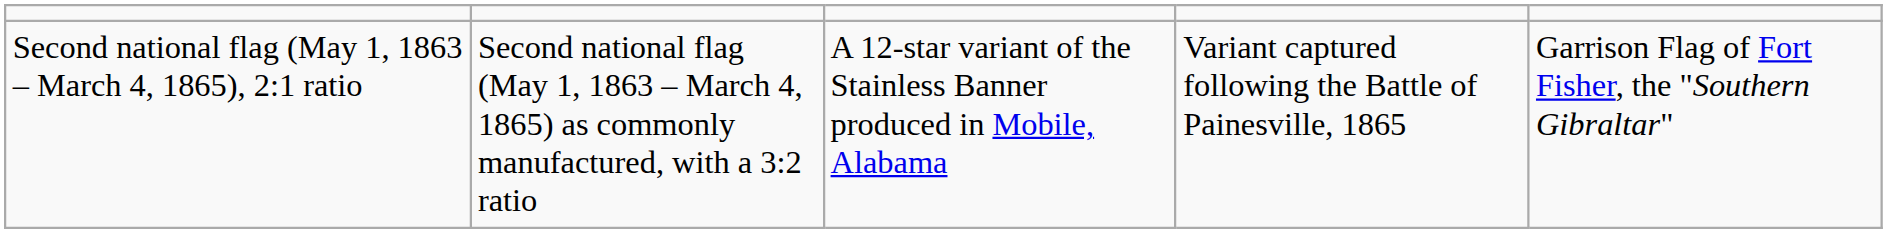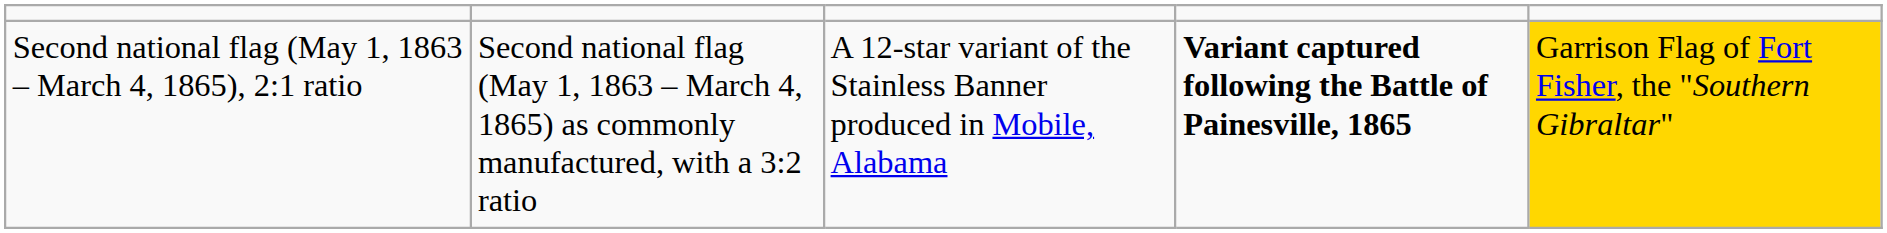 <table class="wikitable">
 <tr>
 <td></td>
 <td></td>
 <td></td>
 <td></td>
 <td></td>
 </tr>
 <tr>
 <td width=200px style="font-size: 90%; vertical-align: top;">Second national flag (May 1, 1863 – March 4, 1865), 2:1 ratio</td>
 <td width=150px style="font-size: 90%; vertical-align: top;">Second national flag (May 1, 1863 – March 4, 1865) as commonly manufactured, with a 3:2 ratio</td>
 <td width=150px style="font-size: 90%; vertical-align: top;">A 12-star variant of the Stainless Banner produced in <a href='#'>Mobile, Alabama</a></td>
-<td width=150px style="font-size: 90%; vertical-align: top;">Variant captured following the Battle of Painesville, 1865</td>
-<td width=150px style="font-size: 90%; vertical-align: top;">Garrison Flag of <a href='#'>Fort Fisher</a>, the "<em>Southern Gibraltar</em>"</td>
+<td width=150px style="font-size: 90%; vertical-align: top;"><strong>Variant captured following the Battle of Painesville, 1865</strong></td>
+<td width=150px style="background: gold; font-size: 90%; vertical-align: top;">Garrison Flag of <a href='#'>Fort Fisher</a>, the "<em>Southern Gibraltar</em>"</td>
 </tr>
 </table>
